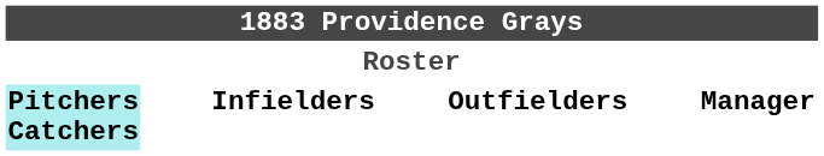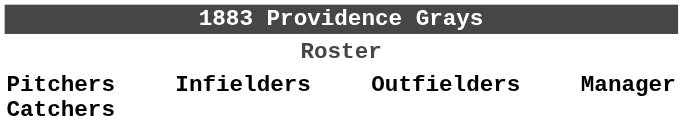 <table class="toccolours" style="font-size: 95%;">
 <tr>
 <th colspan="10" style="background-color: #464646; color: white; text-align: center;">1883 Providence Grays</th>
 </tr>
 <tr>
 <td colspan="10" style="background-color: white; color: #464646; text-align: center;"><strong>Roster</strong></td>
 </tr>
 <tr>
-<td valign="top" style="background: paleturquoise;"><strong>Pitchers</strong><br>  <strong>Catchers</strong>  </td>
+<td valign="top"><strong>Pitchers</strong><br>  <strong>Catchers</strong>  </td>
 <td width="25px"></td>
 <td valign="top"><strong>Infielders</strong><br>     </td>
 <td width="25px"></td>
 <td valign="top"><strong>Outfielders</strong><br>   </td>
 <td width="25px"></td>
 <td valign="top"><strong>Manager</strong><br></td>
 </tr>
 </table>
